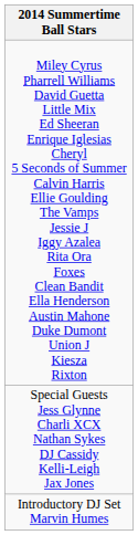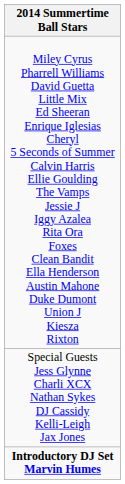 <table class="wikitable">
 <tr>
 <th>2014 Summertime Ball Stars</th>
 </tr>
 <tr>
 <td style="text-align:center; vertical-align:top; width:150px;"><br><a href='#'>Miley Cyrus</a> <br><a href='#'>Pharrell Williams</a> <br><a href='#'>David Guetta</a> <br><a href='#'>Little Mix</a> <br><a href='#'>Ed Sheeran</a> <br><a href='#'>Enrique Iglesias</a> <br><a href='#'>Cheryl</a> <br><a href='#'>5 Seconds of Summer</a> <br><a href='#'>Calvin Harris</a> <br><a href='#'>Ellie Goulding</a> <br><a href='#'>The Vamps</a> <br><a href='#'>Jessie J</a> <br><a href='#'>Iggy Azalea</a> <br><a href='#'>Rita Ora</a> <br><a href='#'>Foxes</a> <br><a href='#'>Clean Bandit</a> <br><a href='#'>Ella Henderson</a> <br><a href='#'>Austin Mahone</a> <br><a href='#'>Duke Dumont</a> <br><a href='#'>Union J</a> <br><a href='#'>Kiesza</a> <br><a href='#'>Rixton</a></td>
 </tr>
 <tr>
 <td style="text-align:center; vertical-align:top; width:150px;">Special Guests<br><a href='#'>Jess Glynne</a> <br><a href='#'>Charli XCX</a> <br><a href='#'>Nathan Sykes</a> <br><a href='#'>DJ Cassidy</a> <br><a href='#'>Kelli-Leigh</a> <br><a href='#'>Jax Jones</a></td>
 </tr>
 <tr>
-<td style="text-align:center; vertical-align:top; width:150px;">Introductory DJ Set<br><a href='#'>Marvin Humes</a></td>
+<td style="text-align:center; vertical-align:top; width:150px;"><strong>Introductory DJ Set<br><a href='#'>Marvin Humes</a></strong></td>
 </tr>
 </table>
